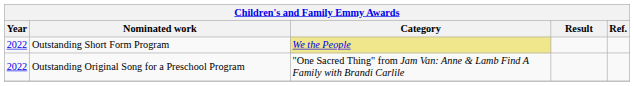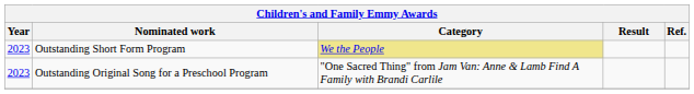 <table class="wikitable">
 <tr>
 <th colspan="5" align="center"><a href='#'>Children's and Family Emmy Awards</a></th>
 </tr>
 <tr>
 <th scope="col" style="width:1em;">Year</th>
 <th scope="col" style="width:25em;">Nominated work</th>
 <th scope="col" style="width:25em;">Category</th>
 <th scope="col" style="width:5em;">Result</th>
 <th scope="col" style="width:1em;">Ref.</th>
 </tr>
 <tr>
-<td><a href='#'>2022</a></td>
+<td><a href='#'>2023</a></td>
 <td>Outstanding Short Form Program</td>
 <td style="background: khaki;"><em><a href='#'>We the People</a></em></td>
 <td></td>
 <td align="center"></td>
 </tr>
 <tr>
-<td><a href='#'>2022</a></td>
+<td><a href='#'>2023</a></td>
 <td>Outstanding Original Song for a Preschool Program</td>
 <td>"One Sacred Thing" from <em>Jam Van: Anne & Lamb Find A Family with Brandi Carlile</em></td>
 <td></td>
 <td align="center"></td>
 </tr>
 <tr>
 </tr>
 </table>
